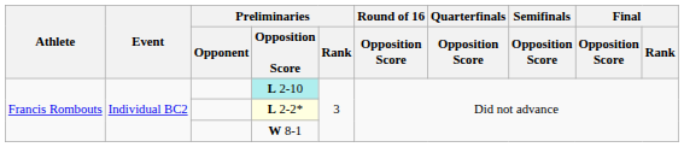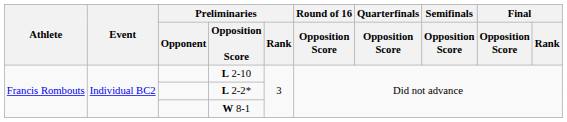 <table class=wikitable style="font-size:90%">
 <tr>
 <th rowspan="2">Athlete</th>
 <th rowspan="2">Event</th>
 <th colspan="3">Preliminaries</th>
 <th>Round of 16</th>
 <th>Quarterfinals</th>
 <th>Semifinals</th>
 <th colspan="2">Final</th>
 </tr>
 <tr>
 <th>Opponent</th>
 <th>Opposition<br><br>Score</th>
 <th>Rank</th>
 <th>Opposition<br>Score</th>
 <th>Opposition<br>Score</th>
 <th>Opposition<br>Score</th>
 <th>Opposition<br>Score</th>
 <th>Rank</th>
 </tr>
 <tr align=center>
 <td align=left rowspan=3><a href='#'>Francis Rombouts</a></td>
 <td align=left rowspan=3><a href='#'>Individual BC2</a></td>
 <td align=left></td>
-<td align=center style="background: paleturquoise;"><strong>L</strong> 2-10</td>
+<td align=center><strong>L</strong> 2-10</td>
 <td rowspan=3>3</td>
 <td rowspan=3 colspan=5>Did not advance</td>
 </tr>
 <tr>
 <td align=left></td>
-<td align=center style="background: lightyellow;"><strong>L</strong> 2-2*</td>
+<td align=center><strong>L</strong> 2-2*</td>
 </tr>
 <tr>
 <td align=left></td>
 <td align=center><strong>W</strong> 8-1</td>
 </tr>
 </table>
